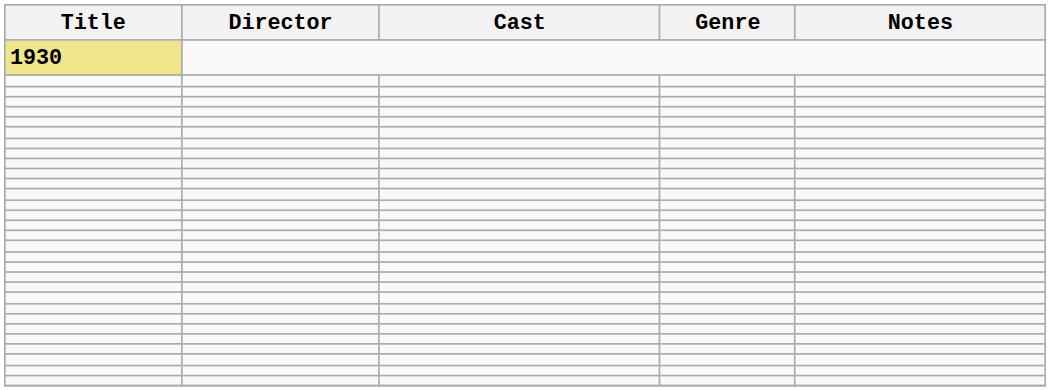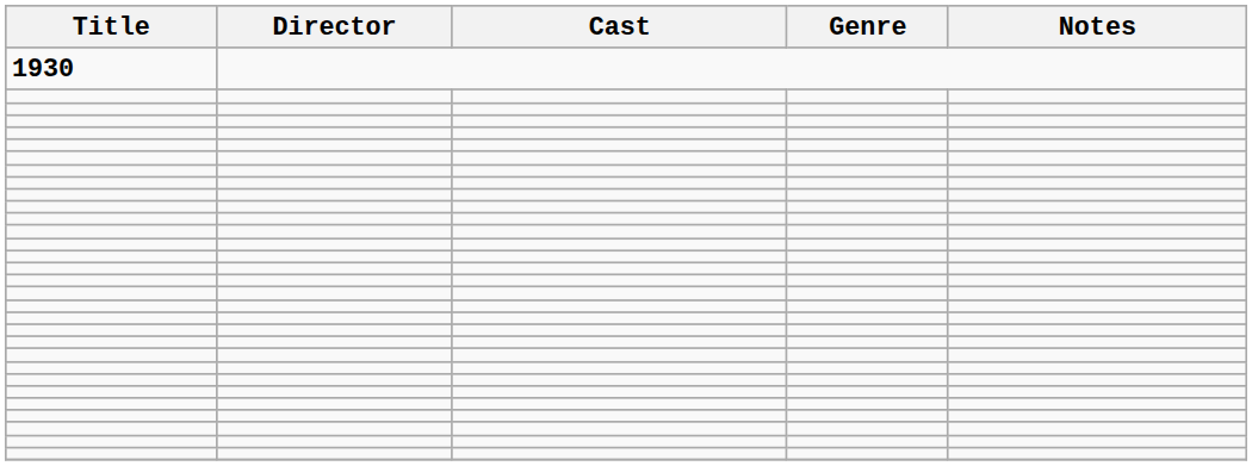 <table class="wikitable" width= "100%">
 <tr>
 <th width=17%>Title</th>
 <th width=19%>Director</th>
 <th width=27%>Cast</th>
 <th width=13%>Genre</th>
 <th width=24%>Notes</th>
 </tr>
 <tr>
-<td style="background: khaki;"><strong>1930</strong></td>
+<td><strong>1930</strong></td>
 </tr>
 <tr>
 <td></td>
 <td></td>
 <td></td>
 <td></td>
 <td></td>
 </tr>
 <tr>
 <td></td>
 <td></td>
 <td></td>
 <td></td>
 <td></td>
 </tr>
 <tr>
 <td></td>
 <td></td>
 <td></td>
 <td></td>
 <td></td>
 </tr>
 <tr>
 <td></td>
 <td></td>
 <td></td>
 <td></td>
 <td></td>
 </tr>
 <tr>
 <td></td>
 <td></td>
 <td></td>
 <td></td>
 <td></td>
 </tr>
 <tr>
 <td></td>
 <td></td>
 <td></td>
 <td></td>
 <td></td>
 </tr>
 <tr>
 <td></td>
 <td></td>
 <td></td>
 <td></td>
 <td></td>
 </tr>
 <tr>
 <td></td>
 <td></td>
 <td></td>
 <td></td>
 <td></td>
 </tr>
 <tr>
 <td></td>
 <td></td>
 <td></td>
 <td></td>
 <td></td>
 </tr>
 <tr>
 <td></td>
 <td></td>
 <td></td>
 <td></td>
 <td></td>
 </tr>
 <tr>
 <td></td>
 <td></td>
 <td></td>
 <td></td>
 <td></td>
 </tr>
 <tr>
 <td></td>
 <td></td>
 <td></td>
 <td></td>
 <td></td>
 </tr>
 <tr>
 <td></td>
 <td></td>
 <td></td>
 <td></td>
 <td></td>
 </tr>
 <tr>
 <td></td>
 <td></td>
 <td></td>
 <td></td>
 <td></td>
 </tr>
 <tr>
 <td></td>
 <td></td>
 <td></td>
 <td></td>
 <td></td>
 </tr>
 <tr>
 <td></td>
 <td></td>
 <td></td>
 <td></td>
 <td></td>
 </tr>
 <tr>
 <td></td>
 <td></td>
 <td></td>
 <td></td>
 <td></td>
 </tr>
 <tr>
 <td></td>
 <td></td>
 <td></td>
 <td></td>
 <td></td>
 </tr>
 <tr>
 <td></td>
 <td></td>
 <td></td>
 <td></td>
 <td></td>
 </tr>
 <tr>
 <td></td>
 <td></td>
 <td></td>
 <td></td>
 <td></td>
 </tr>
 <tr>
 <td></td>
 <td></td>
 <td></td>
 <td></td>
 <td></td>
 </tr>
 <tr>
 <td></td>
 <td></td>
 <td></td>
 <td></td>
 <td></td>
 </tr>
 <tr>
 <td></td>
 <td></td>
 <td></td>
 <td></td>
 <td></td>
 </tr>
 <tr>
 <td></td>
 <td></td>
 <td></td>
 <td></td>
 <td></td>
 </tr>
 <tr>
 <td></td>
 <td></td>
 <td></td>
 <td></td>
 <td></td>
 </tr>
 <tr>
 <td></td>
 <td></td>
 <td></td>
 <td></td>
 <td></td>
 </tr>
 <tr>
 <td></td>
 <td></td>
 <td></td>
 <td></td>
 <td></td>
 </tr>
 <tr>
 <td></td>
 <td></td>
 <td></td>
 <td></td>
 <td></td>
 </tr>
 <tr>
 <td></td>
 <td></td>
 <td></td>
 <td></td>
 <td></td>
 </tr>
 <tr>
 <td></td>
 <td></td>
 <td></td>
 <td></td>
 <td></td>
 </tr>
 <tr>
 </tr>
 </table>
